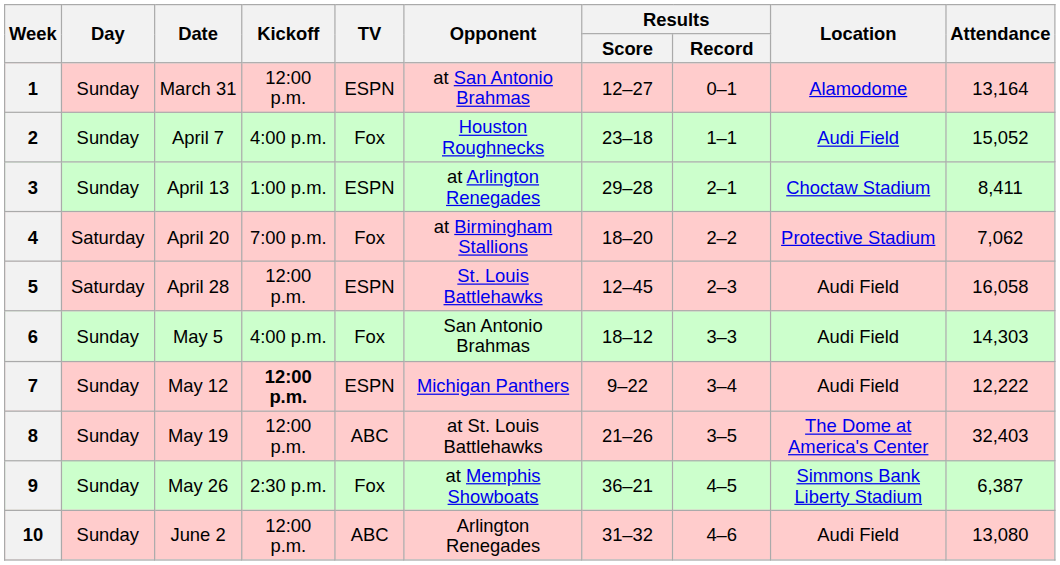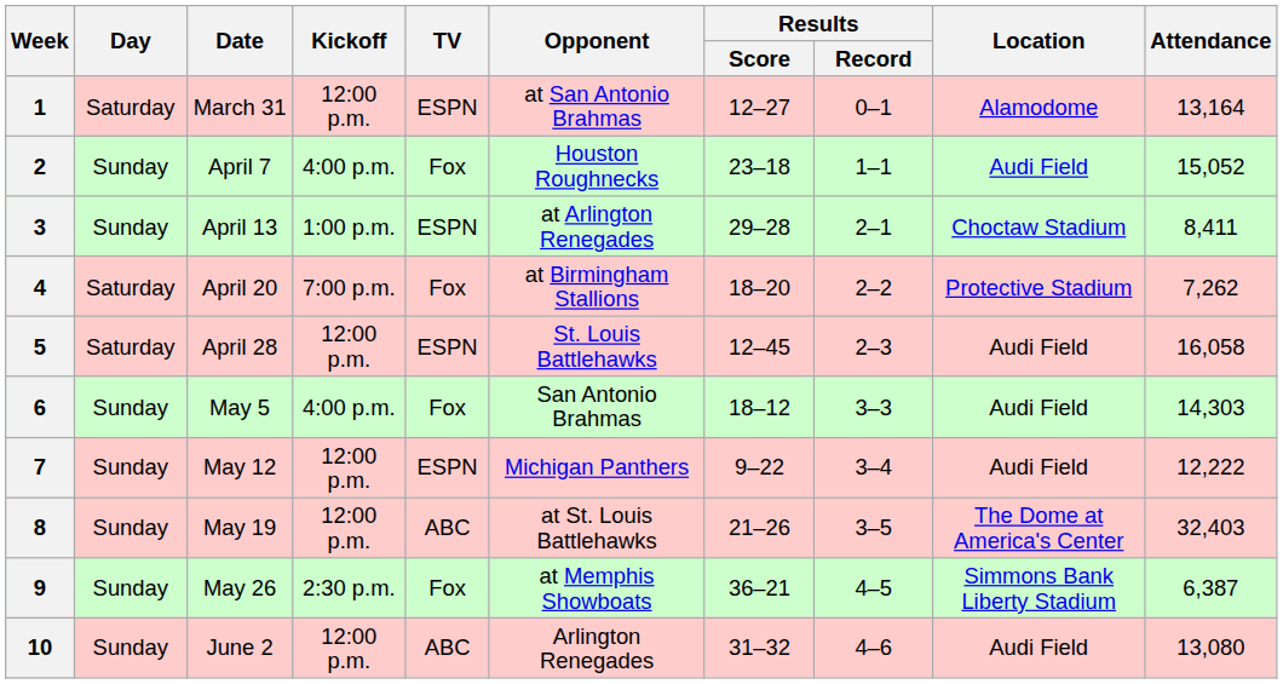 <table class="wikitable" style="text-align:center; font-size: 95%;">
 <tr>
 <th rowspan="2" width="40">Week</th>
 <th rowspan="2" width="80">Day</th>
 <th rowspan="2" width="90">Date</th>
 <th rowspan="2" width="90">Kickoff</th>
 <th rowspan="2" width="60">TV</th>
 <th rowspan="2" width="200">Opponent</th>
 <th colspan="2" width="200">Results</th>
 <th rowspan="2" width="200">Location</th>
 <th rowspan="2">Attendance</th>
 </tr>
 <tr>
 <th width="60">Score</th>
 <th width="60">Record</th>
 </tr>
 <tr style="background:#ffcccc">
 <th>1</th>
-<td>Sunday</td>
+<td>Saturday</td>
 <td>March 31</td>
 <td>12:00 p.m.</td>
 <td>ESPN</td>
 <td>at <a href='#'>San Antonio Brahmas</a></td>
 <td>12–27</td>
 <td>0–1</td>
 <td><a href='#'>Alamodome</a></td>
 <td>13,164</td>
 </tr>
 <tr style="background:#ccffcc">
 <th>2</th>
 <td>Sunday</td>
 <td>April 7</td>
 <td>4:00 p.m.</td>
 <td>Fox</td>
 <td><a href='#'>Houston Roughnecks</a></td>
 <td>23–18</td>
 <td>1–1</td>
 <td><a href='#'>Audi Field</a></td>
 <td>15,052</td>
 </tr>
 <tr style="background:#ccffcc">
 <th>3</th>
 <td>Sunday</td>
 <td>April 13</td>
 <td>1:00 p.m.</td>
 <td>ESPN</td>
 <td>at <a href='#'>Arlington Renegades</a></td>
 <td>29–28</td>
 <td>2–1</td>
 <td><a href='#'>Choctaw Stadium</a></td>
 <td>8,411</td>
 </tr>
 <tr style="background:#ffcccc">
 <th>4</th>
 <td>Saturday</td>
 <td>April 20</td>
 <td>7:00 p.m.</td>
 <td>Fox</td>
 <td>at <a href='#'>Birmingham Stallions</a></td>
 <td>18–20</td>
 <td>2–2</td>
 <td><a href='#'>Protective Stadium</a></td>
-<td>7,062</td>
+<td>7,262</td>
 </tr>
 <tr style="background:#ffcccc">
 <th>5</th>
 <td>Saturday</td>
 <td>April 28</td>
 <td>12:00 p.m.</td>
 <td>ESPN</td>
 <td><a href='#'>St. Louis Battlehawks</a></td>
 <td>12–45</td>
 <td>2–3</td>
 <td>Audi Field</td>
 <td>16,058</td>
 </tr>
 <tr style="background:#ccffcc">
 <th>6</th>
 <td>Sunday</td>
 <td>May 5</td>
 <td>4:00 p.m.</td>
 <td>Fox</td>
 <td>San Antonio Brahmas</td>
 <td>18–12</td>
 <td>3–3</td>
 <td>Audi Field</td>
 <td>14,303</td>
 </tr>
 <tr style="background:#ffcccc">
 <th>7</th>
 <td>Sunday</td>
 <td>May 12</td>
-<td><strong>12:00 p.m.</strong></td>
+<td>12:00 p.m.</td>
 <td>ESPN</td>
 <td><a href='#'>Michigan Panthers</a></td>
 <td>9–22</td>
 <td>3–4</td>
 <td>Audi Field</td>
 <td>12,222</td>
 </tr>
 <tr style="background:#ffcccc">
 <th>8</th>
 <td>Sunday</td>
 <td>May 19</td>
 <td>12:00 p.m.</td>
 <td>ABC</td>
 <td>at St. Louis Battlehawks</td>
 <td>21–26</td>
 <td>3–5</td>
 <td><a href='#'>The Dome at America's Center</a></td>
 <td>32,403</td>
 </tr>
 <tr style="background:#ccffcc">
 <th>9</th>
 <td>Sunday</td>
 <td>May 26</td>
 <td>2:30 p.m.</td>
 <td>Fox</td>
 <td>at <a href='#'>Memphis Showboats</a></td>
 <td>36–21</td>
 <td>4–5</td>
 <td><a href='#'>Simmons Bank Liberty Stadium</a></td>
 <td>6,387</td>
 </tr>
 <tr style="background:#ffcccc">
 <th>10</th>
 <td>Sunday</td>
 <td>June 2</td>
 <td>12:00 p.m.</td>
 <td>ABC</td>
 <td>Arlington Renegades</td>
 <td>31–32</td>
 <td>4–6</td>
 <td>Audi Field</td>
 <td>13,080</td>
 </tr>
 </table>
